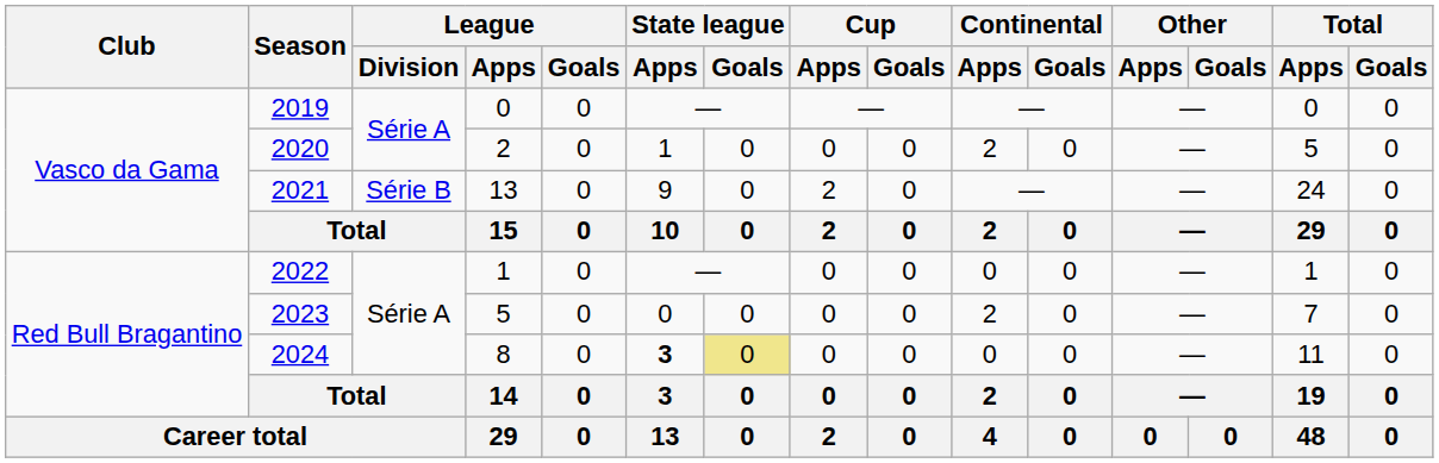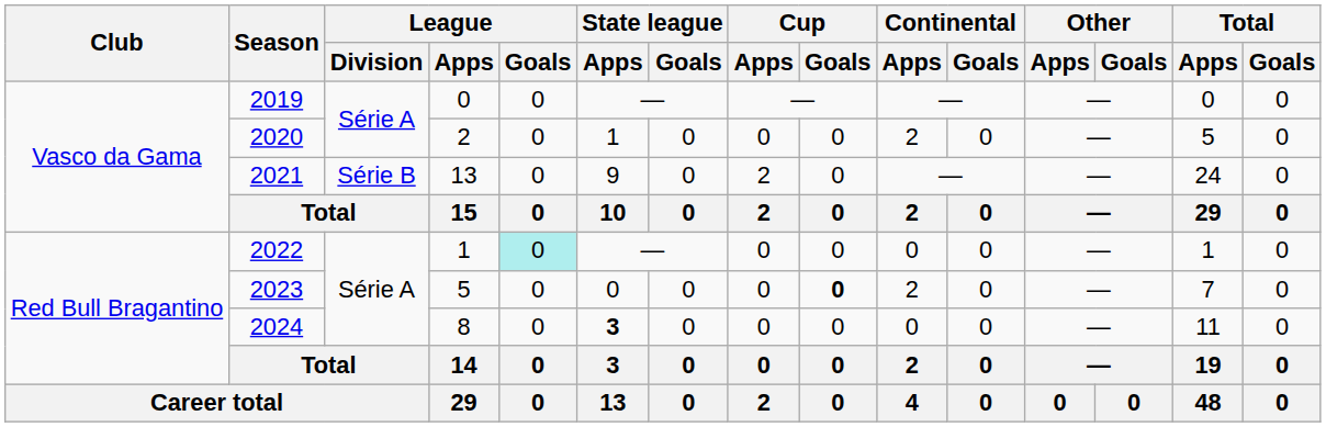 <table class="wikitable" style="text-align: center">
 <tr>
 <th rowspan="2">Club</th>
 <th rowspan="2">Season</th>
 <th colspan="3">League</th>
 <th colspan="2">State league</th>
 <th colspan="2">Cup</th>
 <th colspan="2">Continental</th>
 <th colspan="2">Other</th>
 <th colspan="2">Total</th>
 </tr>
 <tr>
 <th>Division</th>
 <th>Apps</th>
 <th>Goals</th>
 <th>Apps</th>
 <th>Goals</th>
 <th>Apps</th>
 <th>Goals</th>
 <th>Apps</th>
 <th>Goals</th>
 <th>Apps</th>
 <th>Goals</th>
 <th>Apps</th>
 <th>Goals</th>
 </tr>
 <tr>
 <td rowspan="4"><a href='#'>Vasco da Gama</a></td>
 <td><a href='#'>2019</a></td>
 <td rowspan="2"><a href='#'>Série A</a></td>
 <td>0</td>
 <td>0</td>
 <td colspan="2">—</td>
 <td colspan="2">—</td>
 <td colspan="2">—</td>
 <td colspan="2">—</td>
 <td>0</td>
 <td>0</td>
 </tr>
 <tr>
 <td><a href='#'>2020</a></td>
 <td>2</td>
 <td>0</td>
 <td>1</td>
 <td>0</td>
 <td>0</td>
 <td>0</td>
 <td>2</td>
 <td>0</td>
 <td colspan="2">—</td>
 <td>5</td>
 <td>0</td>
 </tr>
 <tr>
 <td><a href='#'>2021</a></td>
 <td><a href='#'>Série B</a></td>
 <td>13</td>
 <td>0</td>
 <td>9</td>
 <td>0</td>
 <td>2</td>
 <td>0</td>
 <td colspan="2">—</td>
 <td colspan="2">—</td>
 <td>24</td>
 <td>0</td>
 </tr>
 <tr>
 <th colspan="2"><strong>Total</strong></th>
 <th>15</th>
 <th>0</th>
 <th>10</th>
 <th>0</th>
 <th>2</th>
 <th>0</th>
 <th>2</th>
 <th>0</th>
 <th colspan="2">—</th>
 <th>29</th>
 <th>0</th>
 </tr>
 <tr>
 <td rowspan="4"><a href='#'>Red Bull Bragantino</a></td>
 <td><a href='#'>2022</a></td>
 <td rowspan="3">Série A</td>
 <td>1</td>
-<td>0</td>
+<td style="background: paleturquoise;">0</td>
 <td colspan="2">—</td>
 <td>0</td>
 <td>0</td>
 <td>0</td>
 <td>0</td>
 <td colspan="2">—</td>
 <td>1</td>
 <td>0</td>
 </tr>
 <tr>
 <td><a href='#'>2023</a></td>
 <td>5</td>
 <td>0</td>
 <td>0</td>
 <td>0</td>
 <td>0</td>
-<td>0</td>
+<td><strong>0</strong></td>
 <td>2</td>
 <td>0</td>
 <td colspan="2">—</td>
 <td>7</td>
 <td>0</td>
 </tr>
 <tr>
 <td><a href='#'>2024</a></td>
 <td>8</td>
 <td>0</td>
 <td><strong>3</strong></td>
-<td style="background: khaki;">0</td>
+<td>0</td>
 <td>0</td>
 <td>0</td>
 <td>0</td>
 <td>0</td>
 <td colspan="2">—</td>
 <td>11</td>
 <td>0</td>
 </tr>
 <tr>
 <th colspan="2"><strong>Total</strong></th>
 <th>14</th>
 <th>0</th>
 <th>3</th>
 <th>0</th>
 <th>0</th>
 <th>0</th>
 <th>2</th>
 <th>0</th>
 <th colspan="2">—</th>
 <th>19</th>
 <th>0</th>
 </tr>
 <tr>
 <th colspan="3"><strong>Career total</strong></th>
 <th>29</th>
 <th>0</th>
 <th>13</th>
 <th>0</th>
 <th>2</th>
 <th>0</th>
 <th>4</th>
 <th>0</th>
 <th>0</th>
 <th>0</th>
 <th>48</th>
 <th>0</th>
 </tr>
 </table>
